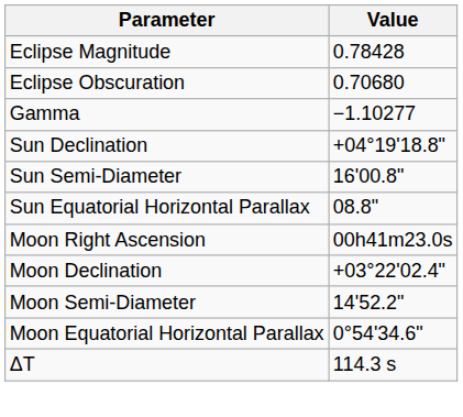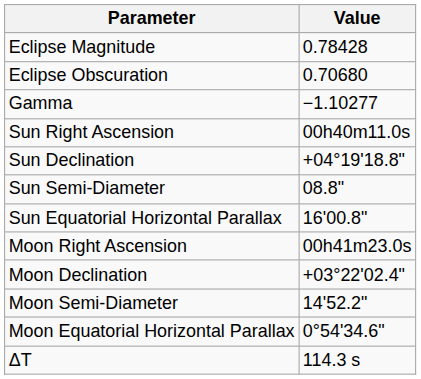 <table class="wikitable">
 <tr>
 <th>Parameter</th>
 <th>Value</th>
 </tr>
 <tr>
 <td>Eclipse Magnitude</td>
 <td>0.78428</td>
 </tr>
 <tr>
 <td>Eclipse Obscuration</td>
 <td>0.70680</td>
 </tr>
 <tr>
 <td>Gamma</td>
 <td>−1.10277</td>
 </tr>
 <tr>
+<td>Sun Right Ascension</td>
+<td>00h40m11.0s</td>
+</tr>
+<tr>
 <td>Sun Declination</td>
 <td>+04°19'18.8"</td>
 </tr>
 <tr>
 <td>Sun Semi-Diameter</td>
-<td>16'00.8"</td>
+<td>08.8"</td>
 </tr>
 <tr>
 <td>Sun Equatorial Horizontal Parallax</td>
-<td>08.8"</td>
+<td>16'00.8"</td>
 </tr>
 <tr>
 <td>Moon Right Ascension</td>
 <td>00h41m23.0s</td>
 </tr>
 <tr>
 <td>Moon Declination</td>
 <td>+03°22'02.4"</td>
 </tr>
 <tr>
 <td>Moon Semi-Diameter</td>
 <td>14'52.2"</td>
 </tr>
 <tr>
 <td>Moon Equatorial Horizontal Parallax</td>
 <td>0°54'34.6"</td>
 </tr>
 <tr>
 <td>ΔT</td>
 <td>114.3 s</td>
 </tr>
 </table>
